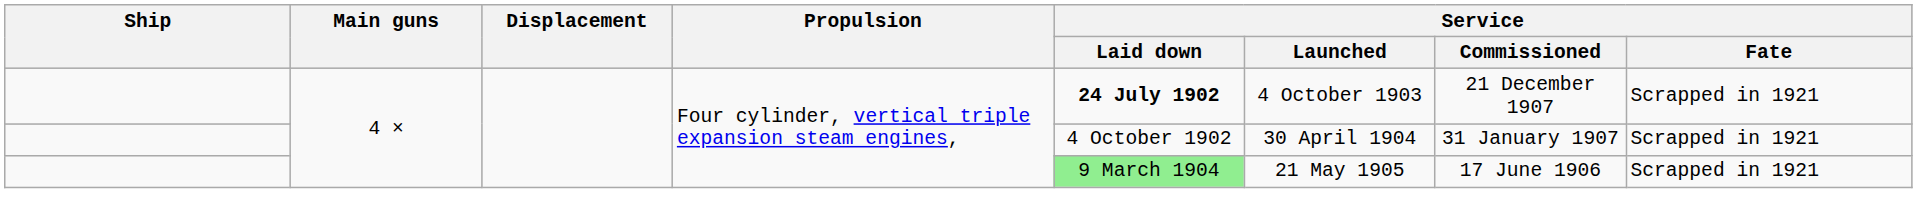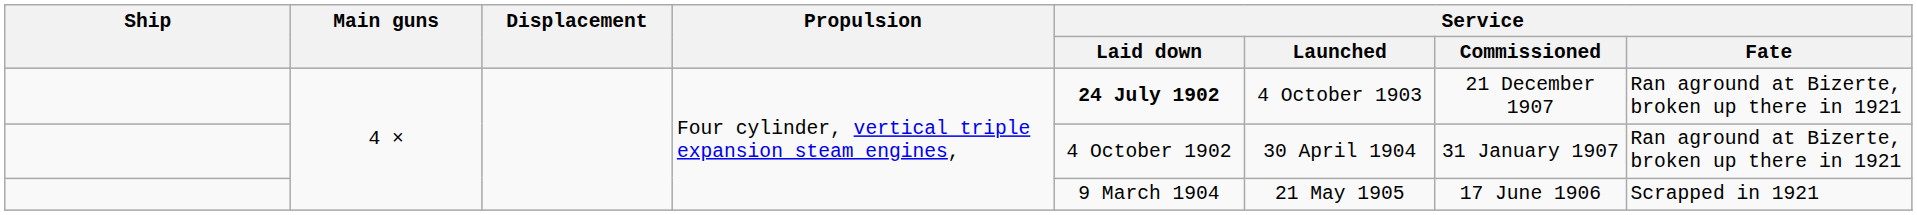 <table class="wikitable" style="width: 100%;">
 <tr valign="top">
 <th width="15%" align="center" rowspan="2">Ship</th>
 <th width="10%" align="center" rowspan="2">Main guns</th>
 <th width="10%" align="center" rowspan="2">Displacement</th>
 <th width="20%" align="center" rowspan="2">Propulsion</th>
 <th width="40%" align="center" colspan="4">Service</th>
 </tr>
 <tr valign="top">
 <th width="10%" align="center">Laid down</th>
 <th width="10%" align="center">Launched</th>
 <th width="10%" align="center">Commissioned</th>
 <th width="20%" align="center">Fate</th>
 </tr>
 <tr valign="center">
 <td align="left"></td>
 <td align="center" rowspan="3">4 × </td>
 <td align="center" rowspan="3"></td>
 <td align="left" rowspan="3">Four cylinder, <a href='#'>vertical triple expansion steam engines</a>, </td>
 <td align="center"><strong>24 July 1902</strong></td>
 <td align="center">4 October 1903</td>
 <td align="center">21 December 1907</td>
-<td align="left">Scrapped in 1921</td>
+<td align="left">Ran aground at Bizerte, broken up there in 1921</td>
 </tr>
 <tr valign="center">
 <td align="left"></td>
 <td align="center">4 October 1902</td>
 <td align="center">30 April 1904</td>
 <td align="center">31 January 1907</td>
-<td align="left">Scrapped in 1921</td>
+<td align="left">Ran aground at Bizerte, broken up there in 1921</td>
 </tr>
 <tr valign="center">
 <td align="left"></td>
-<td align="center" style="background: lightgreen;">9 March 1904</td>
+<td align="center">9 March 1904</td>
 <td align="center">21 May 1905</td>
 <td align="center">17 June 1906</td>
 <td align="left">Scrapped in 1921</td>
 </tr>
 </table>
